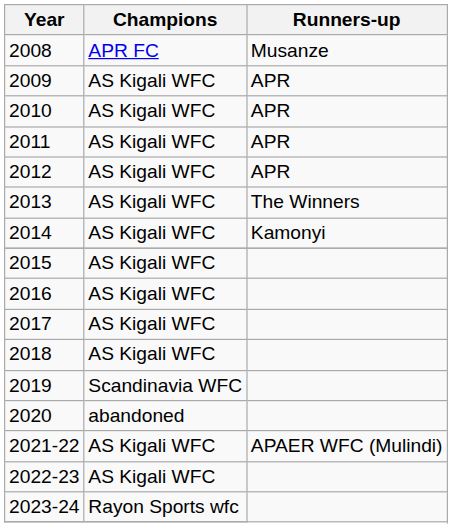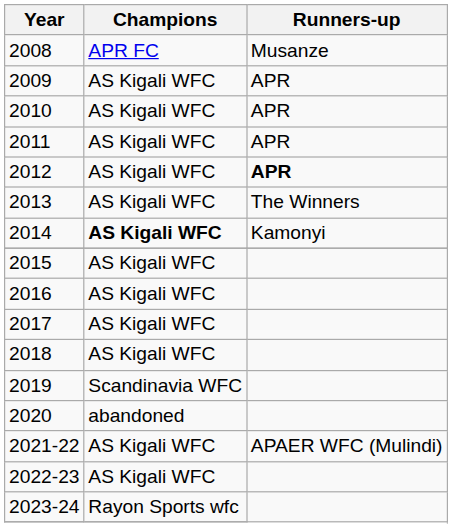 <table class="wikitable">
 <tr>
 <th>Year</th>
 <th>Champions</th>
 <th>Runners-up</th>
 </tr>
 <tr>
 <td>2008</td>
 <td><a href='#'>APR FC</a></td>
 <td>Musanze</td>
 </tr>
 <tr>
 <td>2009</td>
 <td>AS Kigali WFC</td>
 <td>APR</td>
 </tr>
 <tr>
 <td>2010</td>
 <td>AS Kigali WFC</td>
 <td>APR</td>
 </tr>
 <tr>
 <td>2011</td>
 <td>AS Kigali WFC</td>
 <td>APR</td>
 </tr>
 <tr>
 <td>2012</td>
 <td>AS Kigali WFC</td>
-<td>APR</td>
+<td><strong>APR</strong></td>
 </tr>
 <tr>
 <td>2013</td>
 <td>AS Kigali WFC</td>
 <td>The Winners</td>
 </tr>
 <tr>
 <td>2014</td>
-<td>AS Kigali WFC</td>
+<td><strong>AS Kigali WFC</strong></td>
 <td>Kamonyi</td>
 </tr>
 <tr>
 </tr>
 <tr>
 <td>2015</td>
 <td>AS Kigali WFC</td>
 <td></td>
 </tr>
 <tr>
 <td>2016</td>
 <td>AS Kigali WFC</td>
 <td></td>
 </tr>
 <tr>
 <td>2017</td>
 <td>AS Kigali WFC</td>
 <td></td>
 </tr>
 <tr>
 <td>2018</td>
 <td>AS Kigali WFC</td>
 <td></td>
 </tr>
 <tr>
 <td>2019</td>
 <td>Scandinavia WFC</td>
 <td></td>
 </tr>
 <tr>
 <td>2020</td>
 <td>abandoned</td>
 <td></td>
 </tr>
 <tr>
 <td>2021-22</td>
 <td>AS Kigali WFC</td>
 <td>APAER WFC (Mulindi)</td>
 </tr>
 <tr>
 <td>2022-23</td>
 <td>AS Kigali WFC</td>
 <td></td>
 </tr>
 <tr>
 <td>2023-24</td>
 <td>Rayon Sports wfc</td>
 </tr>
 <tr>
 </tr>
 </table>
